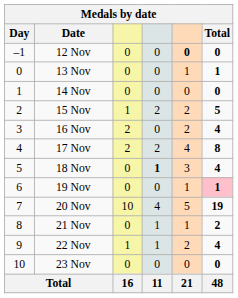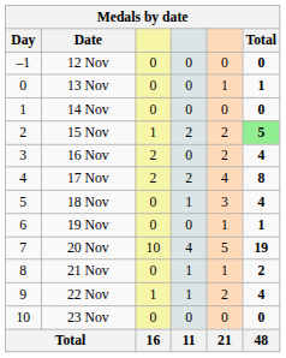 <table class="wikitable" style="font-size:90%; text-align:center;">
 <tr style="background:#efefef;">
 <th colspan=6><strong>Medals by date</strong></th>
 </tr>
 <tr>
 <th width=30><strong>Day</strong></th>
 <th width=90><strong>Date</strong></th>
 <th width=30 style="background:#F7F6A8;"></th>
 <th width=30 style="background:#DCE5E5;"></th>
 <th width=30 style="background:#FFDAB9;"></th>
 <th width=30><strong>Total</strong></th>
 </tr>
 <tr>
 <td>–1</td>
 <td>12 Nov</td>
 <td style="background:#F7F6A8;">0</td>
 <td style="background:#DCE5E5;">0</td>
-<td style="background:#FFDAB9;"><strong>0</strong></td>
+<td style="background:#FFDAB9;">0</td>
 <td><strong>0</strong></td>
 </tr>
 <tr>
 <td>0</td>
 <td>13 Nov</td>
 <td style="background:#F7F6A8;">0</td>
 <td style="background:#DCE5E5;">0</td>
 <td style="background:#FFDAB9;">1</td>
 <td><strong>1</strong></td>
 </tr>
 <tr>
 <td>1</td>
 <td>14 Nov</td>
 <td style="background:#F7F6A8;">0</td>
 <td style="background:#DCE5E5;">0</td>
 <td style="background:#FFDAB9;">0</td>
 <td><strong>0</strong></td>
 </tr>
 <tr>
 <td>2</td>
 <td>15 Nov</td>
 <td style="background:#F7F6A8;">1</td>
 <td style="background:#DCE5E5;">2</td>
 <td style="background:#FFDAB9;">2</td>
-<td><strong>5</strong></td>
+<td style="background: lightgreen;"><strong>5</strong></td>
 </tr>
 <tr>
 <td>3</td>
 <td>16 Nov</td>
 <td style="background:#F7F6A8;">2</td>
 <td style="background:#DCE5E5;">0</td>
 <td style="background:#FFDAB9;">2</td>
 <td><strong>4</strong></td>
 </tr>
 <tr>
 <td>4</td>
 <td>17 Nov</td>
 <td style="background:#F7F6A8;">2</td>
 <td style="background:#DCE5E5;">2</td>
 <td style="background:#FFDAB9;">4</td>
 <td><strong>8</strong></td>
 </tr>
 <tr>
 <td>5</td>
 <td>18 Nov</td>
 <td style="background:#F7F6A8;">0</td>
-<td style="background:#DCE5E5;"><strong>1</strong></td>
+<td style="background:#DCE5E5;">1</td>
 <td style="background:#FFDAB9;">3</td>
 <td><strong>4</strong></td>
 </tr>
 <tr>
 <td>6</td>
 <td>19 Nov</td>
 <td style="background:#F7F6A8;">0</td>
 <td style="background:#DCE5E5;">0</td>
 <td style="background:#FFDAB9;">1</td>
-<td style="background: pink;"><strong>1</strong></td>
+<td><strong>1</strong></td>
 </tr>
 <tr>
 <td>7</td>
 <td>20 Nov</td>
 <td style="background:#F7F6A8;">10</td>
 <td style="background:#DCE5E5;">4</td>
 <td style="background:#FFDAB9;">5</td>
 <td><strong>19</strong></td>
 </tr>
 <tr>
 <td>8</td>
 <td>21 Nov</td>
 <td style="background:#F7F6A8;">0</td>
 <td style="background:#DCE5E5;">1</td>
 <td style="background:#FFDAB9;">1</td>
 <td><strong>2</strong></td>
 </tr>
 <tr>
 <td>9</td>
 <td>22 Nov</td>
 <td style="background:#F7F6A8;">1</td>
 <td style="background:#DCE5E5;">1</td>
 <td style="background:#FFDAB9;">2</td>
 <td><strong>4</strong></td>
 </tr>
 <tr>
 <td>10</td>
 <td>23 Nov</td>
 <td style="background:#F7F6A8;">0</td>
 <td style="background:#DCE5E5;">0</td>
 <td style="background:#FFDAB9;">0</td>
 <td><strong>0</strong></td>
 </tr>
 <tr>
 <th colspan="2"><strong>Total</strong></th>
 <th><strong>16</strong></th>
 <th><strong>11</strong></th>
 <th><strong>21</strong></th>
 <th><strong>48</strong></th>
 </tr>
 </table>
